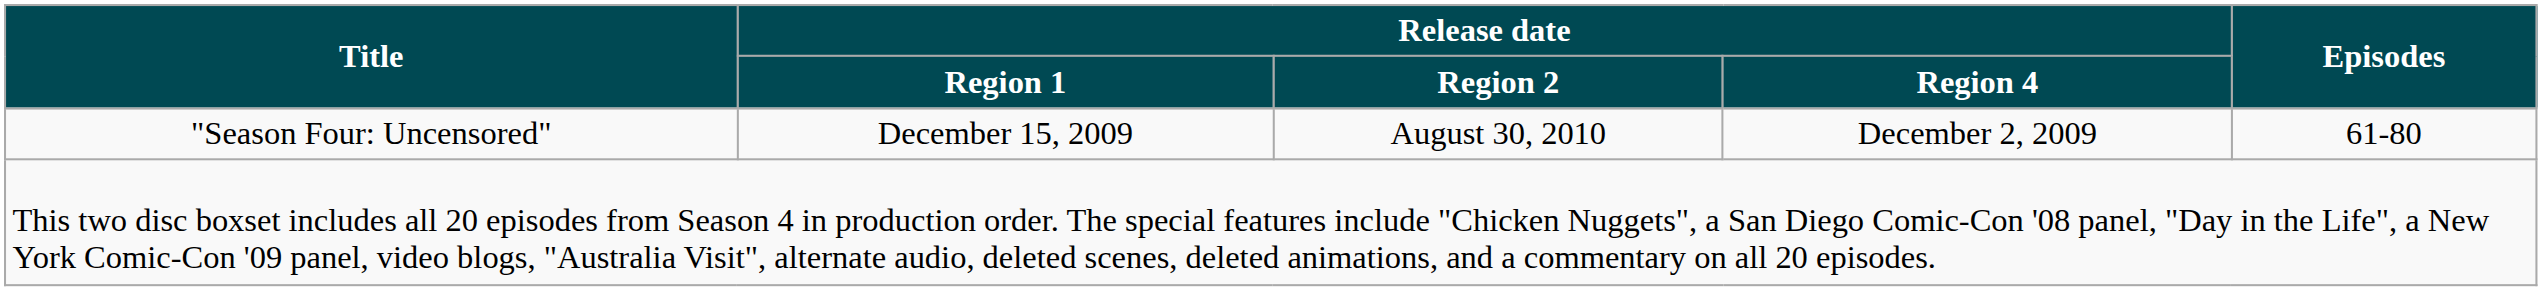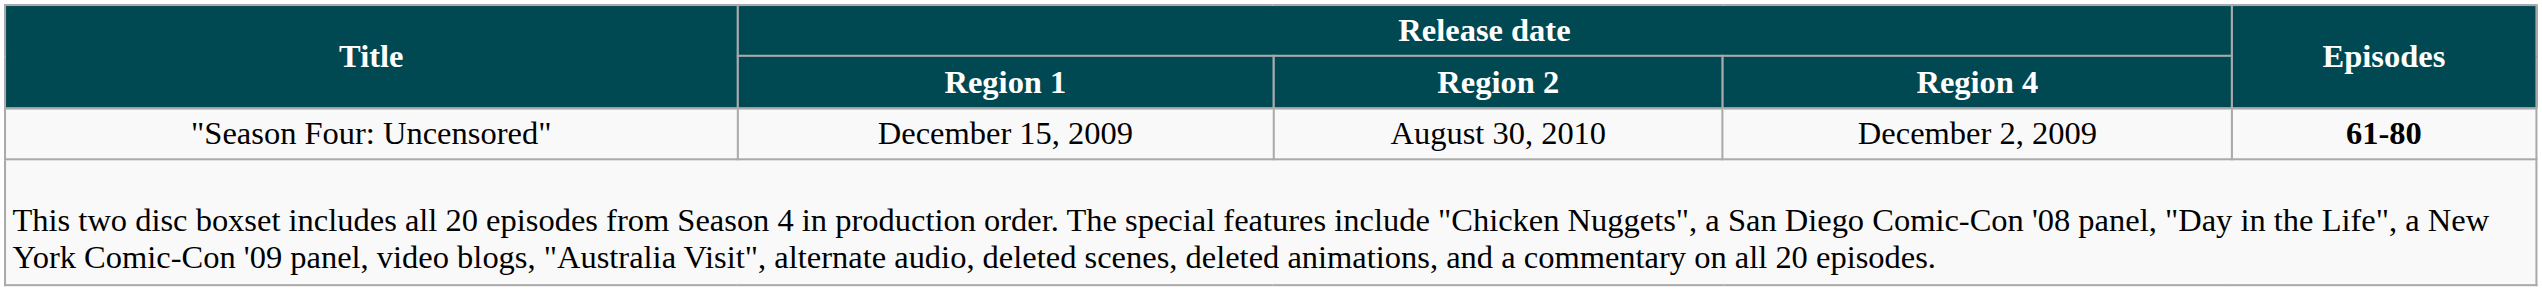 <table class="wikitable">
 <tr>
 <th rowspan="2" style="background-color: #004953; color: #ffffff;">Title</th>
 <th colspan="3" style="background-color: #004953; color: #ffffff;">Release date</th>
 <th rowspan="2" style="background-color: #004953; color: #ffffff;">Episodes</th>
 </tr>
 <tr>
 <th style="background-color: #004953; color: #ffffff;">Region 1</th>
 <th style="background-color: #004953; color: #ffffff;">Region 2</th>
 <th style="background-color: #004953; color: #ffffff;">Region 4</th>
 </tr>
 <tr style="text-align:center;">
 <td>"Season Four: Uncensored"</td>
 <td>December 15, 2009</td>
 <td>August 30, 2010</td>
 <td>December 2, 2009</td>
-<td>61-80</td>
+<td><strong>61-80</strong></td>
 </tr>
 <tr>
 <td colspan="5"><br>This two disc boxset includes all 20 episodes from Season 4 in production order. The special features include "Chicken Nuggets", a San Diego Comic-Con '08 panel, "Day in the Life", a New York Comic-Con '09 panel, video blogs, "Australia Visit", alternate audio, deleted scenes, deleted animations, and a commentary on all 20 episodes.</td>
 </tr>
 </table>
